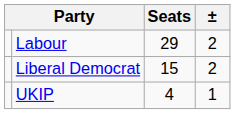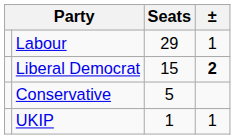 <table class="sortable wikitable">
 <tr>
 <th colspan="2">Party</th>
 <th>Seats</th>
 <th>  ±  </th>
 </tr>
 <tr>
 <td style="background-color: "></td>
 <td><a href='#'>Labour</a></td>
 <td align="center">29</td>
-<td align="center">2</td>
+<td align="center">1</td>
 </tr>
 <tr>
 <td style="background-color: "></td>
 <td><a href='#'>Liberal Democrat</a></td>
 <td align="center">15</td>
-<td align="center">2</td>
+<td align="center"><strong>2</strong></td>
+</tr>
+<tr>
+<td style="background-color: "></td>
+<td><a href='#'>Conservative</a></td>
+<td align="center">5</td>
+<td align="center"></td>
 </tr>
 <tr>
 <td style="background-color: "></td>
 <td><a href='#'>UKIP</a></td>
-<td align="center">4</td>
+<td align="center">1</td>
 <td align="center">1</td>
 </tr>
 </table>
